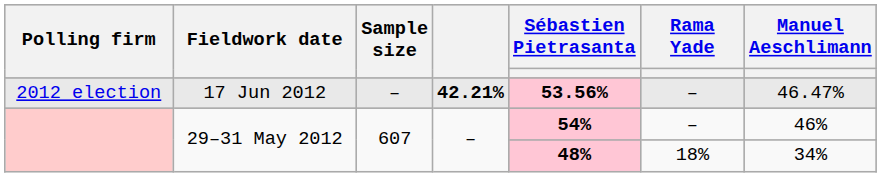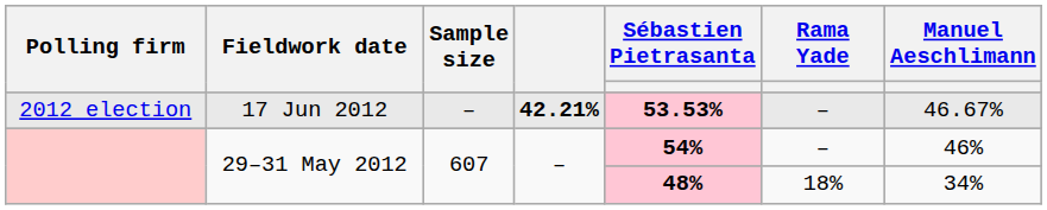 <table class="wikitable sortable" style="text-align:center;font-size:90%;line-height:14px;">
 <tr style="height:40px;">
 <th style="width:100px;" rowspan="2">Polling firm</th>
 <th style="width:110px;" rowspan="2">Fieldwork date</th>
 <th style="width:35px;" rowspan="2">Sample<br>size</th>
 <th style="width:30px;" rowspan="2"></th>
 <th class="unsortable" style="width:60px;"><a href='#'>Sébastien Pietrasanta</a><br></th>
 <th class="unsortable" style="width:60px;"><a href='#'>Rama Yade</a><br></th>
 <th class="unsortable" style="width:60px;"><a href='#'>Manuel Aeschlimann</a><br></th>
 </tr>
 <tr>
 <th style="background:"></th>
 <th style="background:"></th>
 <th style="background:"></th>
 </tr>
 <tr style="background:#E9E9E9;">
 <td><a href='#'>2012 election</a></td>
 <td data-sort-value="2012-06-17">17 Jun 2012</td>
 <td>–</td>
 <td><strong>42.21%</strong></td>
-<td style="background:#FFC6D5;"><strong>53.56%</strong></td>
+<td style="background:#FFC6D5;"><strong>53.53%</strong></td>
 <td>–</td>
-<td>46.47%</td>
+<td>46.67%</td>
 </tr>
 <tr>
 <td rowspan="2" style="background:#FFCCCC;"></td>
 <td rowspan="2" data-sort-value="2012-05-31">29–31 May 2012</td>
 <td rowspan="2">607</td>
 <td rowspan="2">–</td>
 <td style="background:#FFC6D5;"><strong>54%</strong></td>
 <td>–</td>
 <td>46%</td>
 </tr>
 <tr>
 <td style="background:#FFC6D5;"><strong>48%</strong></td>
 <td>18%</td>
 <td>34%</td>
 </tr>
 </table>
